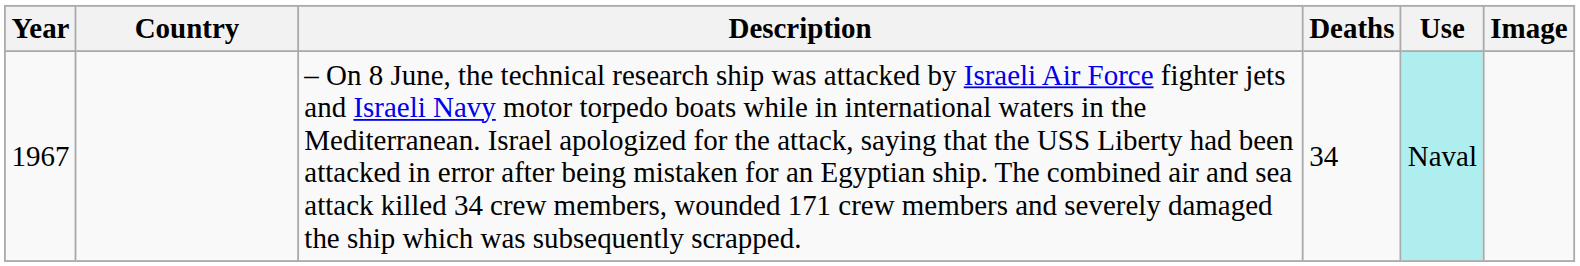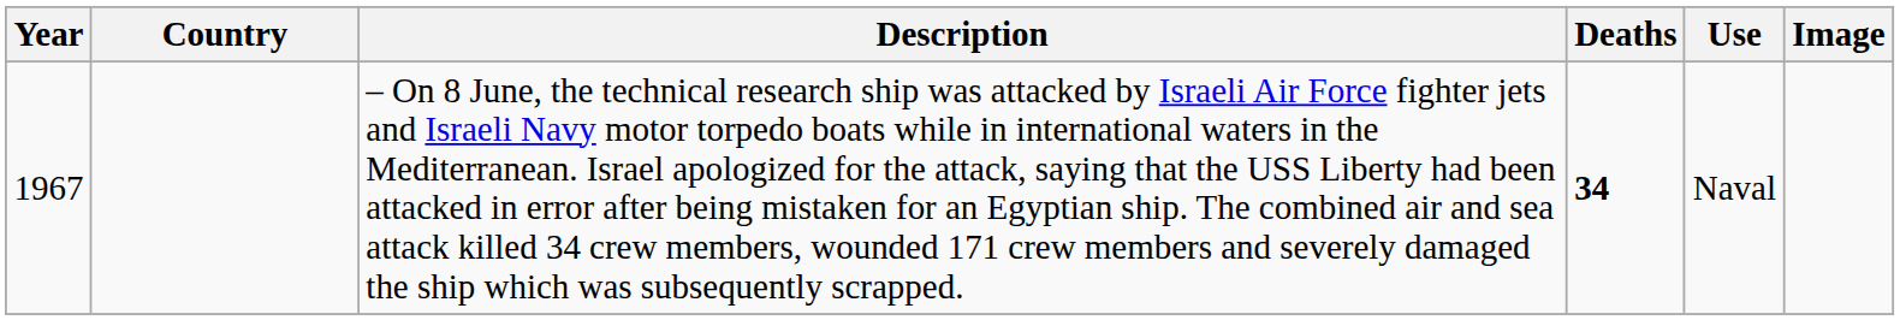 <table class="wikitable sortable" style="display: inline-table">
 <tr>
 <th data-sort-type="number">Year</th>
 <th width="115px">Country</th>
 <th class="unsortable">Description</th>
 <th data-sort-type="number">Deaths</th>
 <th>Use</th>
 <th class="unsortable">Image</th>
 </tr>
 <tr>
 <td>1967</td>
 <td></td>
 <td> – On 8 June, the technical research ship was attacked by <a href='#'>Israeli Air Force</a> fighter jets and <a href='#'>Israeli Navy</a> motor torpedo boats while in international waters in the Mediterranean. Israel apologized for the attack, saying that the USS Liberty had been attacked in error after being mistaken for an Egyptian ship. The combined air and sea attack killed 34 crew members, wounded 171 crew members and severely damaged the ship which was subsequently scrapped.</td>
-<td>34</td>
-<td style="background: paleturquoise;">Naval</td>
+<td><strong>34</strong></td>
+<td>Naval</td>
 <td></td>
 </tr>
 </table>
